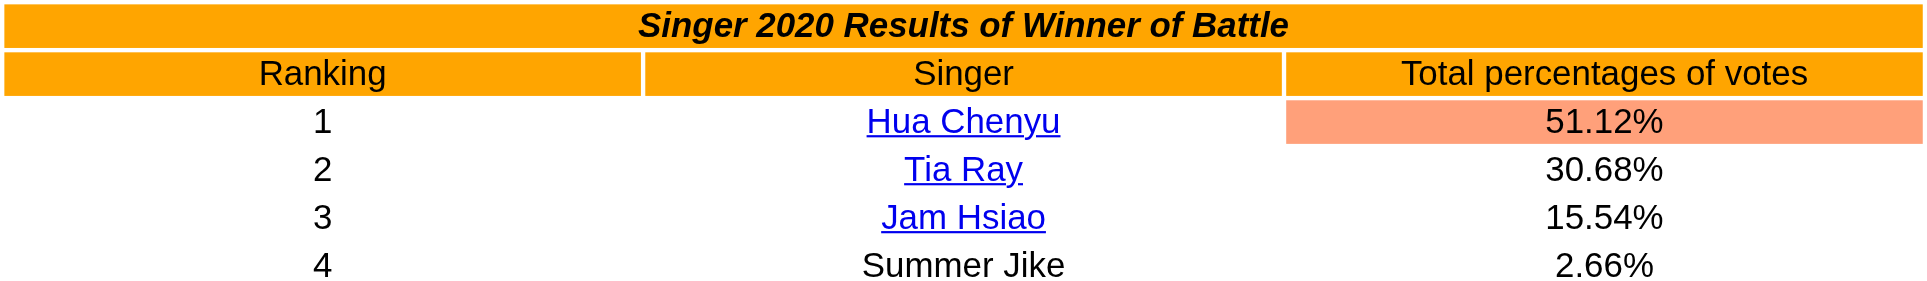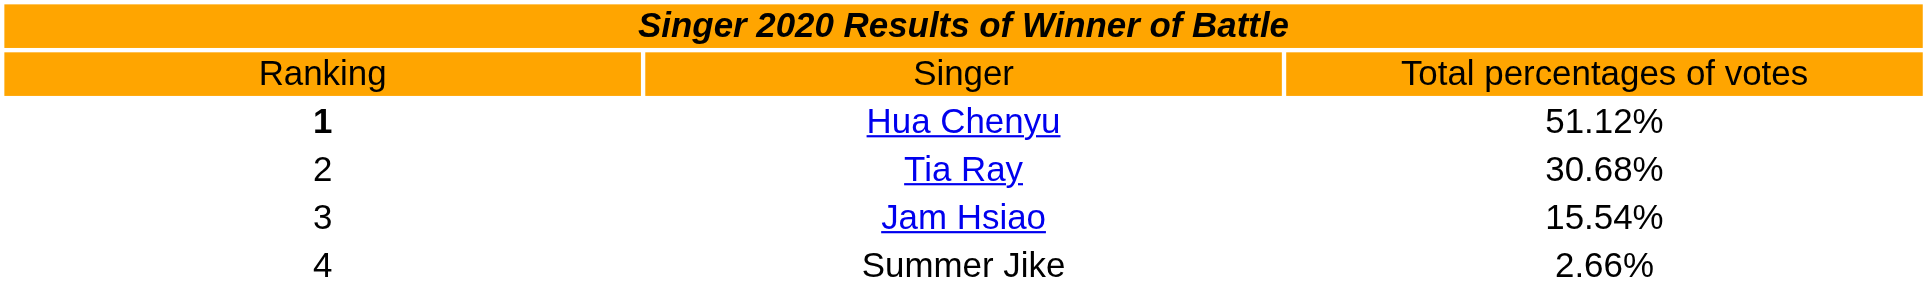 <table width="100%" style="text-align:center">
 <tr style="background:orange">
 <td colspan="3"><div><strong><em>Singer 2020<em> Results of Winner of Battle<strong></div></td>
 </tr>
 <tr style="background:orange">
 <td style="width:20%"></strong>Ranking<strong></td>
 <td style="width:20%"></strong>Singer<strong></td>
 <td style="width:20%"></strong>Total percentages of votes<strong></td>
 </tr>
 <tr>
-<td>1</td>
+<td><strong>1</strong></td>
 <td><a href='#'>Hua Chenyu</a></td>
-<td style="background: lightsalmon;">51.12%</td>
+<td>51.12%</td>
 </tr>
 <tr>
 <td>2</td>
 <td><a href='#'>Tia Ray</a></td>
 <td>30.68%</td>
 </tr>
 <tr>
 <td>3</td>
 <td><a href='#'>Jam Hsiao</a></td>
 <td>15.54%</td>
 </tr>
 <tr>
 <td>4</td>
 <td>Summer Jike</td>
 <td>2.66%</td>
 </tr>
 </table>
